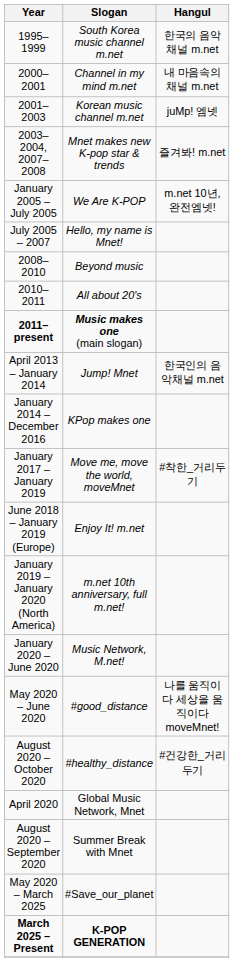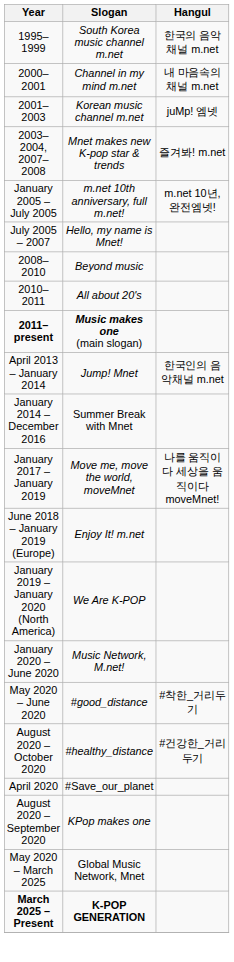 <table class="wikitable sortable" border="1">
 <tr>
 <th style="width:50px;">Year</th>
 <th style="width:100px;">Slogan</th>
 <th style="width:100px;">Hangul</th>
 </tr>
 <tr>
 <td align=center>1995–1999</td>
 <td align=center><em>South Korea music channel m.net</em></td>
 <td align=center>한국의 음악채널 m.net</td>
 </tr>
 <tr>
 <td align=center>2000–2001</td>
 <td align=center><em>Channel in my mind m.net</em></td>
 <td align=center>내 마음속의 채널 m.net</td>
 </tr>
 <tr>
 <td align=center>2001–2003</td>
 <td align=center><em>Korean music channel m.net</em></td>
 <td align="center">juMp! 엠넷</td>
 </tr>
 <tr>
 <td align=center>2003–2004, 2007–2008</td>
 <td align=center><em>Mnet makes new K-pop star & trends</em></td>
 <td align=center>즐겨봐! m.net</td>
 </tr>
 <tr>
 <td align=center>January 2005 – July 2005</td>
-<td align=center><em>We Are K-POP</em></td>
+<td align=center><em>m.net 10th anniversary, full m.net!</em></td>
 <td align=center>m.net 10년, 완전엠넷!</td>
 </tr>
 <tr>
 <td align=center>July 2005 – 2007</td>
 <td align=center><em>Hello, my name is Mnet!</em></td>
 <td align=center></td>
 </tr>
 <tr>
 <td align=center>2008–2010</td>
 <td align=center><em>Beyond music</em></td>
 <td align=center></td>
 </tr>
 <tr>
 <td align=center>2010–2011</td>
 <td align=center><em>All about 20's</em></td>
 <td align=center></td>
 </tr>
 <tr>
 <td align=center><strong>2011–present</strong></td>
 <td align="center"><strong><em>Music makes one</em></strong><br>(main slogan)</td>
 <td align=center></td>
 </tr>
 <tr>
 <td align=center>April 2013 – January 2014</td>
 <td align=center><em>Jump! Mnet</em></td>
 <td align=center>한국인의 음악채널 m.net</td>
 </tr>
 <tr>
 <td align=center>January 2014 – December 2016</td>
-<td align=center><em>KPop makes one</em></td>
+<td align=center>Summer Break with Mnet</td>
 <td align=center></td>
 </tr>
 <tr>
 <td align=center>January 2017 – January 2019</td>
 <td align=center><em>Move me, move the world, moveMnet</em></td>
-<td align=center>#착한_거리두기</td>
+<td align=center>나를 움직이다 세상을 움직이다<br>moveMnet!</td>
 </tr>
 <tr>
 <td align=center>June 2018 – January 2019 (Europe)</td>
 <td align=center><em>Enjoy It! m.net</em></td>
 <td align=center></td>
 </tr>
 <tr>
 <td align=center>January 2019 – January 2020 (North America)</td>
-<td align=center><em>m.net 10th anniversary, full m.net!</em></td>
+<td align=center><em>We Are K-POP</em></td>
 <td align=center></td>
 </tr>
 <tr>
 <td align=center>January 2020 – June 2020</td>
 <td align=center><em>Music Network, M.net!</em></td>
 <td align=center></td>
 </tr>
 <tr>
 <td align=center>May 2020 – June 2020</td>
 <td align=center><em>#good_distance</em></td>
-<td align=center>나를 움직이다 세상을 움직이다<br>moveMnet!</td>
+<td align=center>#착한_거리두기</td>
 </tr>
 <tr>
 <td align=center>August 2020 – October 2020</td>
 <td align=center><em>#healthy_distance</em></td>
 <td align=center>#건강한_거리두기</td>
 </tr>
 <tr>
 <td align=center>April 2020</td>
-<td align=center>Global Music Network, Mnet</td>
+<td align=center>#Save_our_planet</td>
 <td align=center></td>
 </tr>
 <tr>
 <td align=center>August 2020 – September 2020</td>
-<td align=center>Summer Break with Mnet</td>
+<td align=center><em>KPop makes one</em></td>
 <td align=center></td>
 </tr>
 <tr>
 <td align=center>May 2020 – March 2025</td>
-<td align=center>#Save_our_planet</td>
+<td align=center>Global Music Network, Mnet</td>
 <td align=center></td>
 </tr>
 <tr>
 <td align=center><strong>March 2025 – Present</strong></td>
 <td align=center><strong>K-POP GENERATION</strong></td>
 <td align=center></td>
 </tr>
 <tr>
 </tr>
 </table>
